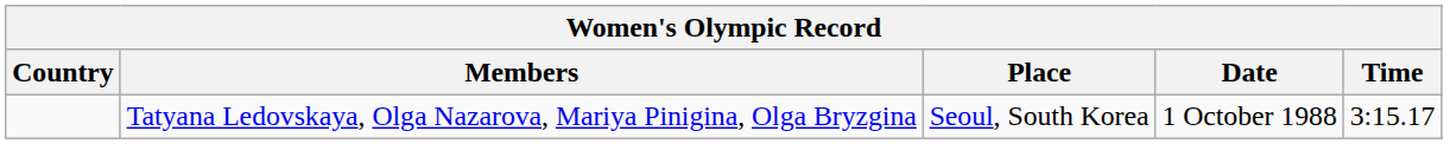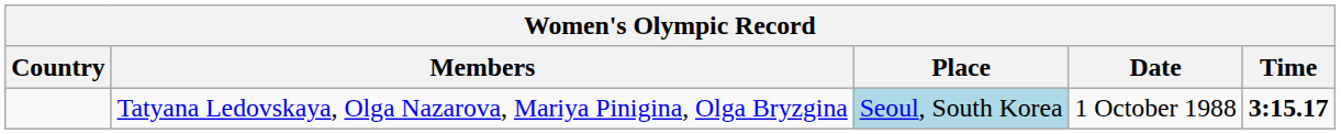 <table class="wikitable">
 <tr>
 <th colspan="5">Women's Olympic Record</th>
 </tr>
 <tr>
 <th>Country</th>
 <th>Members</th>
 <th>Place</th>
 <th>Date</th>
 <th>Time</th>
 </tr>
 <tr>
 <td></td>
 <td><a href='#'>Tatyana Ledovskaya</a>, <a href='#'>Olga Nazarova</a>, <a href='#'>Mariya Pinigina</a>, <a href='#'>Olga Bryzgina</a></td>
-<td><a href='#'>Seoul</a>, South Korea</td>
+<td style="background: lightblue;"><a href='#'>Seoul</a>, South Korea</td>
 <td>1 October 1988</td>
-<td>3:15.17</td>
+<td><strong>3:15.17</strong></td>
 </tr>
 </table>
